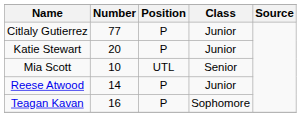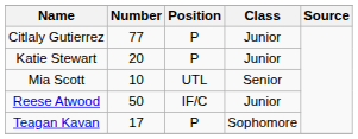 <table class="wikitable non-sortable collapsible">
 <tr>
 </tr>
 <tr>
 <th style="text-align:center; ">Name</th>
 <th style="text-align:center; ">Number</th>
 <th style="text-align:center; ">Position</th>
 <th style="text-align:center; ">Class</th>
 <th style="text-align:center; ">Source</th>
 </tr>
 <tr align="center">
 <td>Citlaly Gutierrez</td>
 <td>77</td>
 <td>P</td>
 <td>Junior</td>
 <td rowspan="5"></td>
 </tr>
 <tr align="center">
 <td>Katie Stewart</td>
 <td>20</td>
 <td>P</td>
 <td>Junior</td>
 </tr>
 <tr align="center">
 <td>Mia Scott</td>
 <td>10</td>
 <td>UTL</td>
 <td>Senior</td>
 </tr>
 <tr align="center">
 <td><a href='#'>Reese Atwood</a></td>
-<td>14</td>
-<td>P</td>
+<td>50</td>
+<td>IF/C</td>
 <td>Junior</td>
 </tr>
 <tr align="center">
 <td><a href='#'>Teagan Kavan</a></td>
-<td>16</td>
+<td>17</td>
 <td>P</td>
 <td>Sophomore</td>
 </tr>
 <tr>
 </tr>
 </table>
